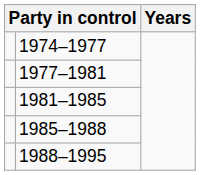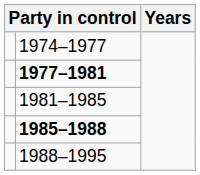 <table class="wikitable">
 <tr>
 <th colspan="2">Party in control</th>
 <th>Years</th>
 </tr>
 <tr>
 <td></td>
 <td>1974–1977</td>
 </tr>
 <tr>
 <td></td>
-<td>1977–1981</td>
+<td><strong>1977–1981</strong></td>
 </tr>
 <tr>
 <td></td>
 <td>1981–1985</td>
 </tr>
 <tr>
 <td></td>
-<td>1985–1988</td>
+<td><strong>1985–1988</strong></td>
 </tr>
 <tr>
 <td></td>
 <td>1988–1995</td>
 </tr>
 </table>
